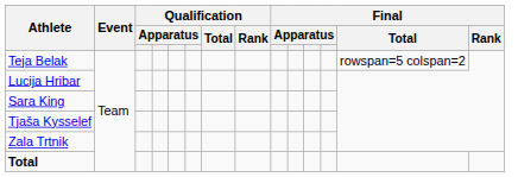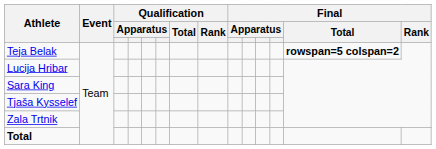 <table class="wikitable" style="font-size:90%">
 <tr>
 <th rowspan=3>Athlete</th>
 <th rowspan=3>Event</th>
 <th colspan=6>Qualification</th>
 <th colspan=6>Final</th>
 </tr>
 <tr style="font-size:95%">
 <th colspan=4>Apparatus</th>
 <th rowspan=2>Total</th>
 <th rowspan=2>Rank</th>
 <th colspan=4>Apparatus</th>
 <th rowspan=2>Total</th>
 <th rowspan=2>Rank</th>
 </tr>
 <tr style="font-size:95%">
 <th></th>
 <th></th>
 <th></th>
 <th></th>
 <th></th>
 <th></th>
 <th></th>
 <th></th>
 </tr>
 <tr align=center>
 <td align=left><a href='#'>Teja Belak</a></td>
 <td align=left rowspan=6>Team</td>
 <td></td>
 <td></td>
 <td></td>
 <td></td>
 <td></td>
 <td></td>
 <td></td>
 <td></td>
 <td></td>
 <td></td>
-<td>rowspan=5 colspan=2</td>
+<td><strong>rowspan=5 colspan=2</strong></td>
 </tr>
 <tr align=center>
 <td align=left><a href='#'>Lucija Hribar</a></td>
 <td></td>
 <td></td>
 <td></td>
 <td></td>
 <td></td>
 <td></td>
 <td></td>
 <td></td>
 <td></td>
 <td></td>
 </tr>
 <tr align=center>
 <td align=left><a href='#'>Sara King</a></td>
 <td></td>
 <td></td>
 <td></td>
 <td></td>
 <td></td>
 <td></td>
 <td></td>
 <td></td>
 <td></td>
 <td></td>
 </tr>
 <tr align=center>
 <td align=left><a href='#'>Tjaša Kysselef</a></td>
 <td></td>
 <td></td>
 <td></td>
 <td></td>
 <td></td>
 <td></td>
 <td></td>
 <td></td>
 <td></td>
 <td></td>
 </tr>
 <tr align=center>
 <td align=left><a href='#'>Zala Trtnik</a></td>
 <td></td>
 <td></td>
 <td></td>
 <td></td>
 <td></td>
 <td></td>
 <td></td>
 <td></td>
 <td></td>
 <td></td>
 </tr>
 <tr align=center>
 <td align=left><strong>Total</strong></td>
 <td></td>
 <td></td>
 <td></td>
 <td></td>
 <td></td>
 <td></td>
 <td></td>
 <td></td>
 <td></td>
 <td></td>
 <td></td>
 <td></td>
 </tr>
 </table>
